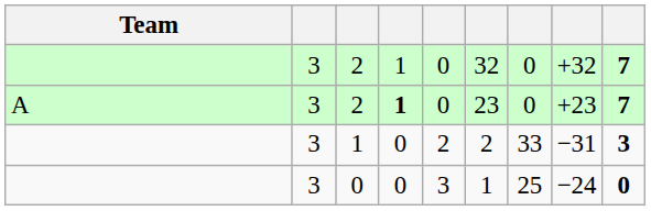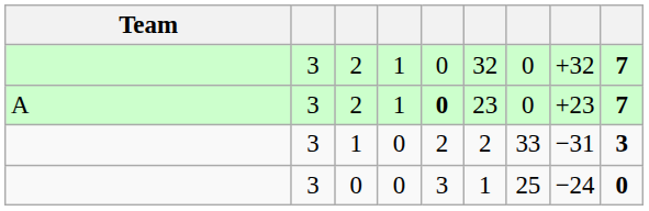 <table class="wikitable" style="text-align: center;">
 <tr>
 <th width=175>Team</th>
 <th width=20></th>
 <th width=20></th>
 <th width=20></th>
 <th width=20></th>
 <th width=20></th>
 <th width=20></th>
 <th width=20></th>
 <th width=20></th>
 </tr>
 <tr bgcolor=#ccffcc>
 <td style="text-align:left;"></td>
 <td>3</td>
 <td>2</td>
 <td>1</td>
 <td>0</td>
 <td>32</td>
 <td>0</td>
 <td>+32</td>
 <td><strong>7</strong></td>
 </tr>
 <tr bgcolor=#ccffcc>
 <td style="text-align:left;"> A</td>
 <td>3</td>
 <td>2</td>
-<td><strong>1</strong></td>
-<td>0</td>
+<td>1</td>
+<td><strong>0</strong></td>
 <td>23</td>
 <td>0</td>
 <td>+23</td>
 <td><strong>7</strong></td>
 </tr>
 <tr>
 <td style="text-align:left;"></td>
 <td>3</td>
 <td>1</td>
 <td>0</td>
 <td>2</td>
 <td>2</td>
 <td>33</td>
 <td>−31</td>
 <td><strong>3</strong></td>
 </tr>
 <tr>
 <td style="text-align:left;"></td>
 <td>3</td>
 <td>0</td>
 <td>0</td>
 <td>3</td>
 <td>1</td>
 <td>25</td>
 <td>−24</td>
 <td><strong>0</strong></td>
 </tr>
 </table>
